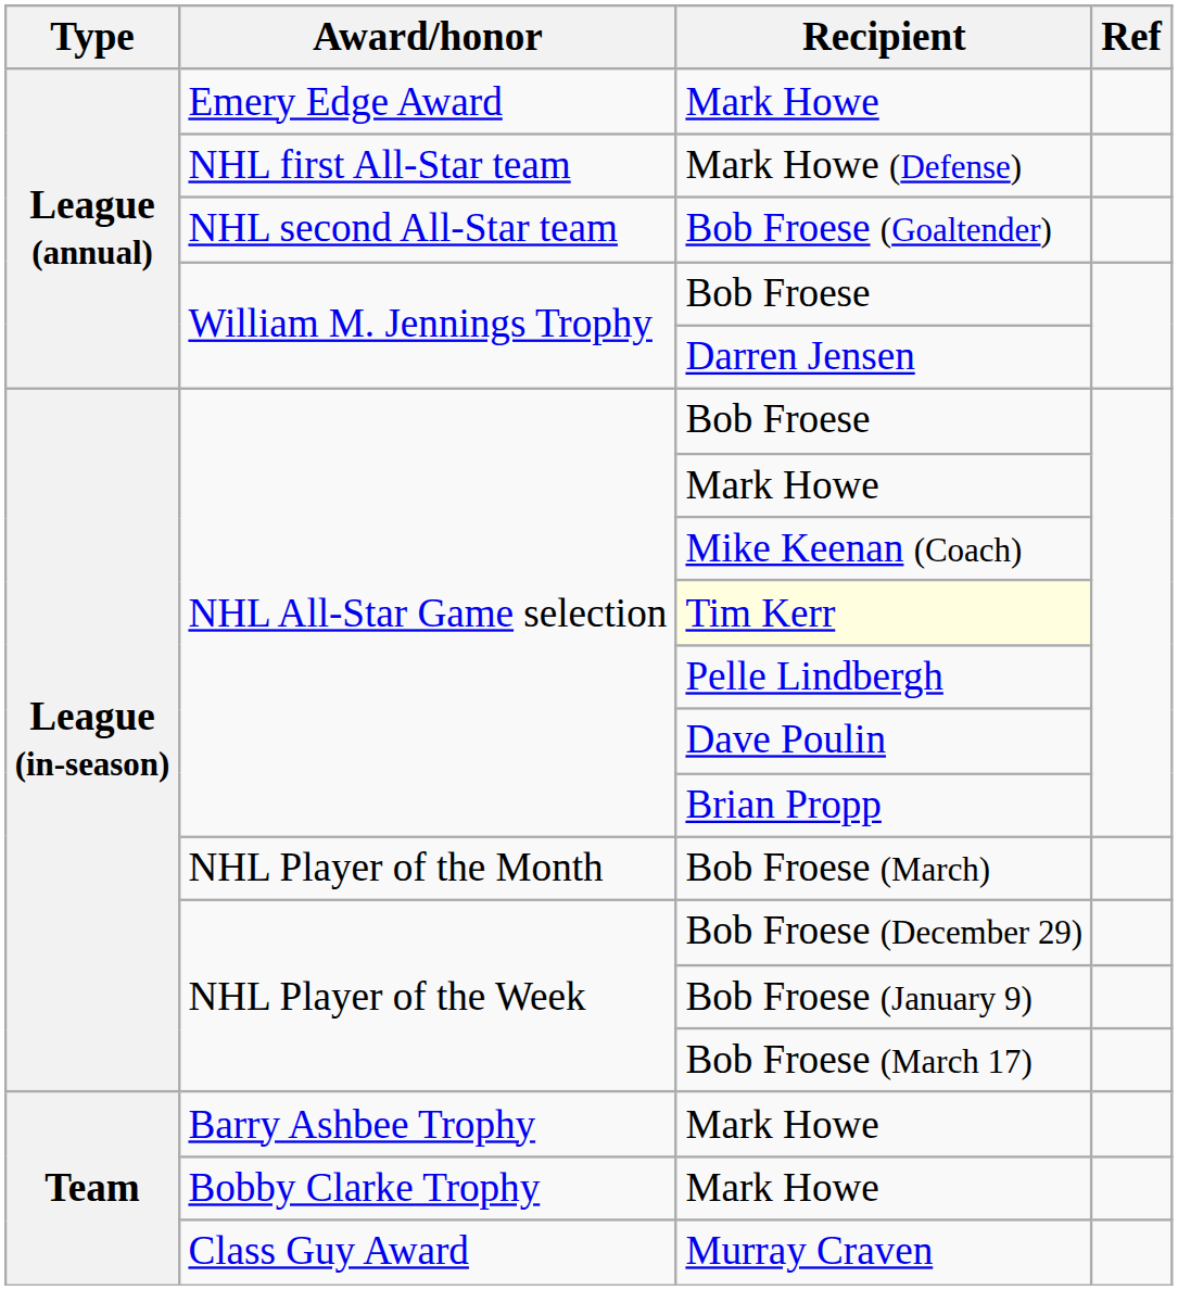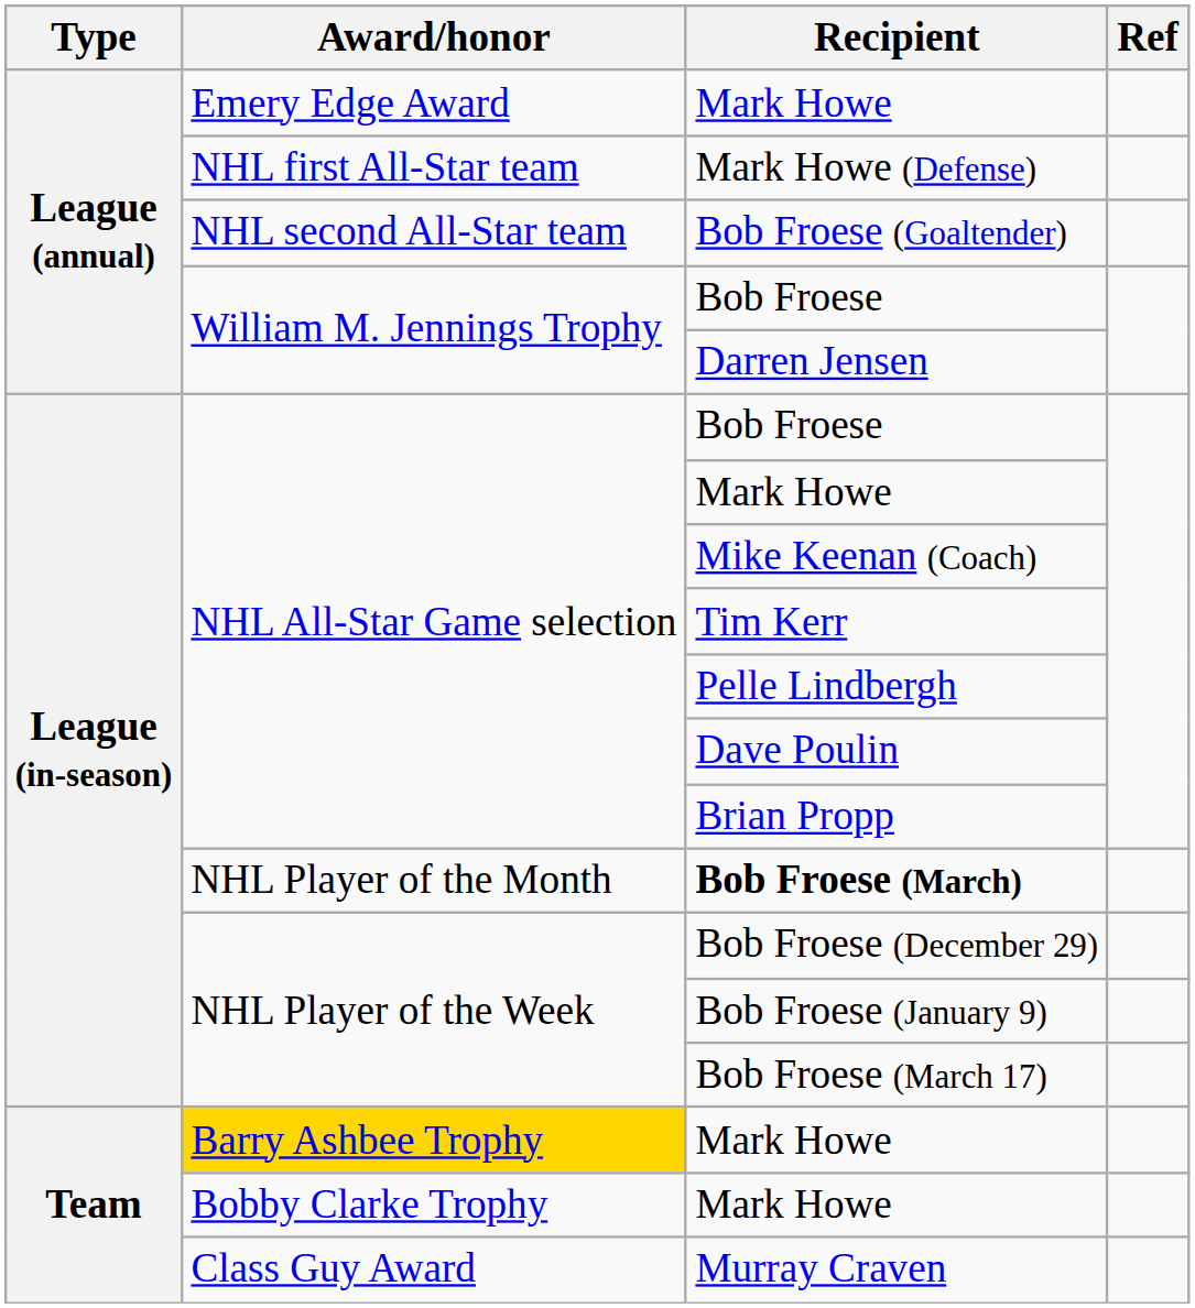 <table class="wikitable">
 <tr>
 <th scope="col">Type</th>
 <th scope="col">Award/honor</th>
 <th scope="col">Recipient</th>
 <th scope="col">Ref</th>
 </tr>
 <tr>
 <th scope="row" rowspan="5">League<br><small>(annual)</small></th>
 <td><a href='#'>Emery Edge Award</a></td>
 <td><a href='#'>Mark Howe</a></td>
 <td></td>
 </tr>
 <tr>
 <td><a href='#'>NHL first All-Star team</a></td>
 <td>Mark Howe <small>(<a href='#'>Defense</a>)</small></td>
 <td></td>
 </tr>
 <tr>
 <td><a href='#'>NHL second All-Star team</a></td>
 <td><a href='#'>Bob Froese</a> <small>(<a href='#'>Goaltender</a>)</small></td>
 <td></td>
 </tr>
 <tr>
 <td rowspan="2"><a href='#'>William M. Jennings Trophy</a></td>
 <td>Bob Froese</td>
 <td rowspan="2"></td>
 </tr>
 <tr>
 <td><a href='#'>Darren Jensen</a></td>
 </tr>
 <tr>
 <th scope="row" rowspan="11">League<br><small>(in-season)</small></th>
 <td rowspan="7"><a href='#'>NHL All-Star Game</a> selection</td>
 <td>Bob Froese</td>
 <td rowspan="7"></td>
 </tr>
 <tr>
 <td>Mark Howe</td>
 </tr>
 <tr>
 <td><a href='#'>Mike Keenan</a> <small>(Coach)</small></td>
 </tr>
 <tr>
-<td style="background: lightyellow;"><a href='#'>Tim Kerr</a></td>
+<td><a href='#'>Tim Kerr</a></td>
 </tr>
 <tr>
 <td><a href='#'>Pelle Lindbergh</a></td>
 </tr>
 <tr>
 <td><a href='#'>Dave Poulin</a></td>
 </tr>
 <tr>
 <td><a href='#'>Brian Propp</a></td>
 </tr>
 <tr>
 <td>NHL Player of the Month</td>
-<td>Bob Froese <small>(March)</small></td>
+<td><strong>Bob Froese <small>(March)</small></strong></td>
 <td></td>
 </tr>
 <tr>
 <td rowspan="3">NHL Player of the Week</td>
 <td>Bob Froese <small>(December 29)</small></td>
 <td></td>
 </tr>
 <tr>
 <td>Bob Froese <small>(January 9)</small></td>
 <td></td>
 </tr>
 <tr>
 <td>Bob Froese <small>(March 17)</small></td>
 <td></td>
 </tr>
 <tr>
 <th scope="row" rowspan="3">Team</th>
-<td><a href='#'>Barry Ashbee Trophy</a></td>
+<td style="background: gold;"><a href='#'>Barry Ashbee Trophy</a></td>
 <td>Mark Howe</td>
 <td></td>
 </tr>
 <tr>
 <td><a href='#'>Bobby Clarke Trophy</a></td>
 <td>Mark Howe</td>
 <td></td>
 </tr>
 <tr>
 <td><a href='#'>Class Guy Award</a></td>
 <td><a href='#'>Murray Craven</a></td>
 <td></td>
 </tr>
 </table>
